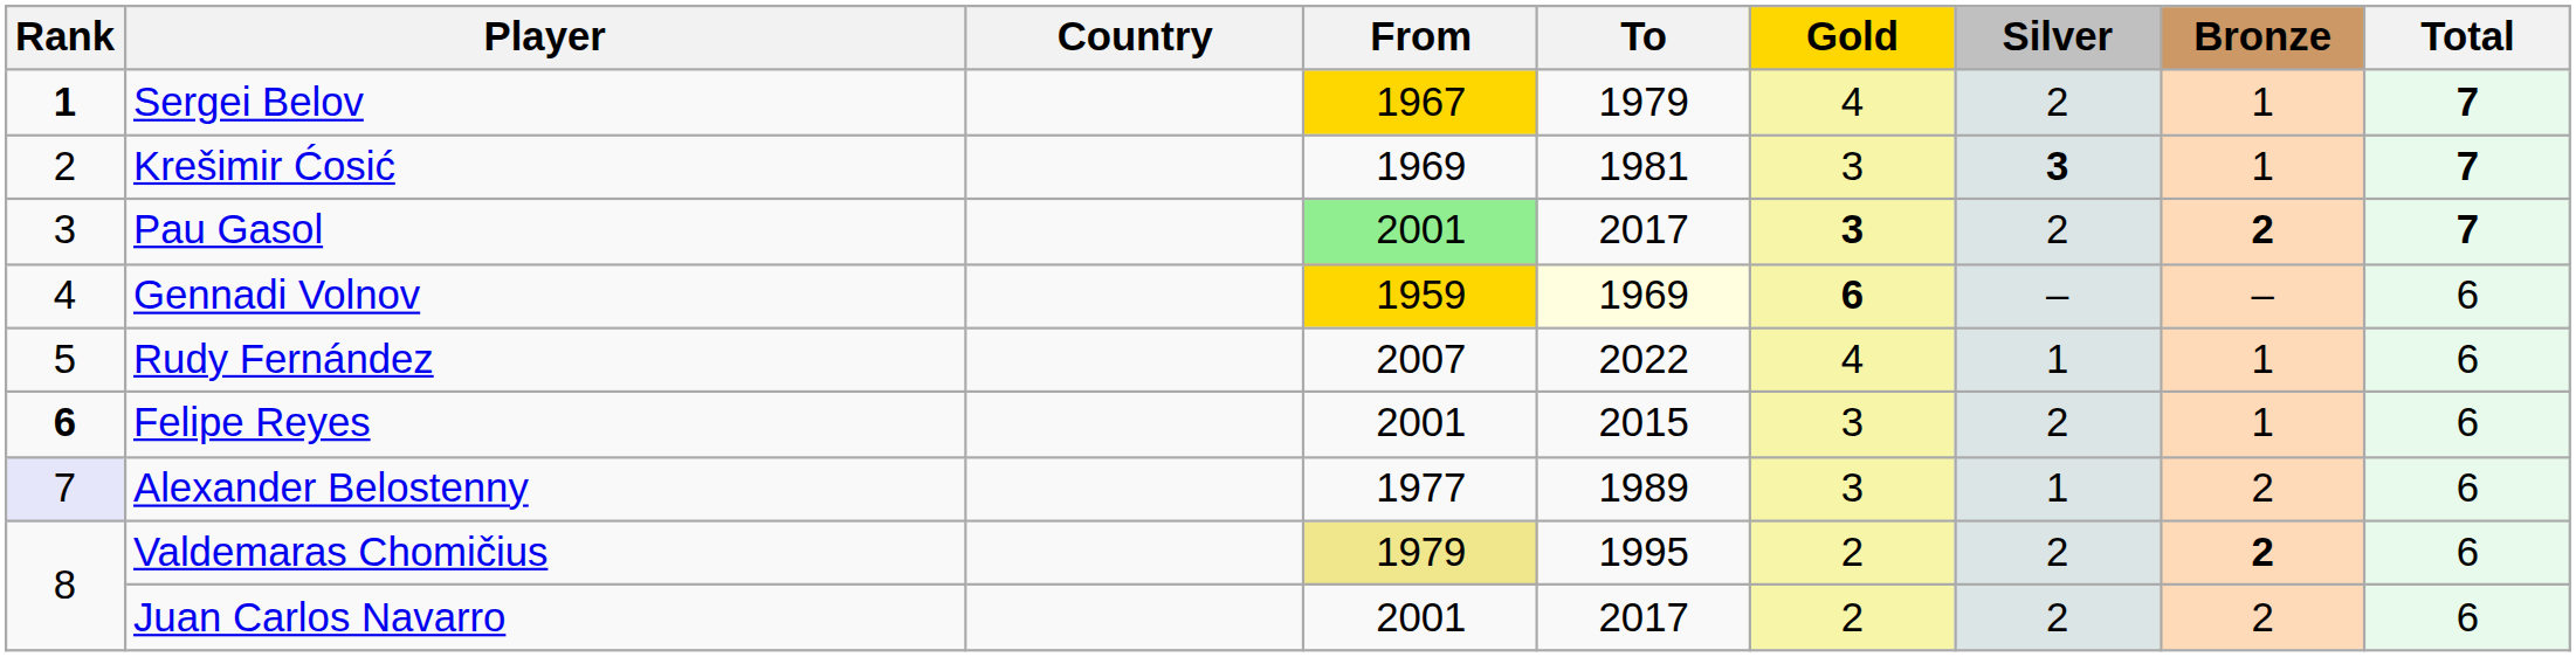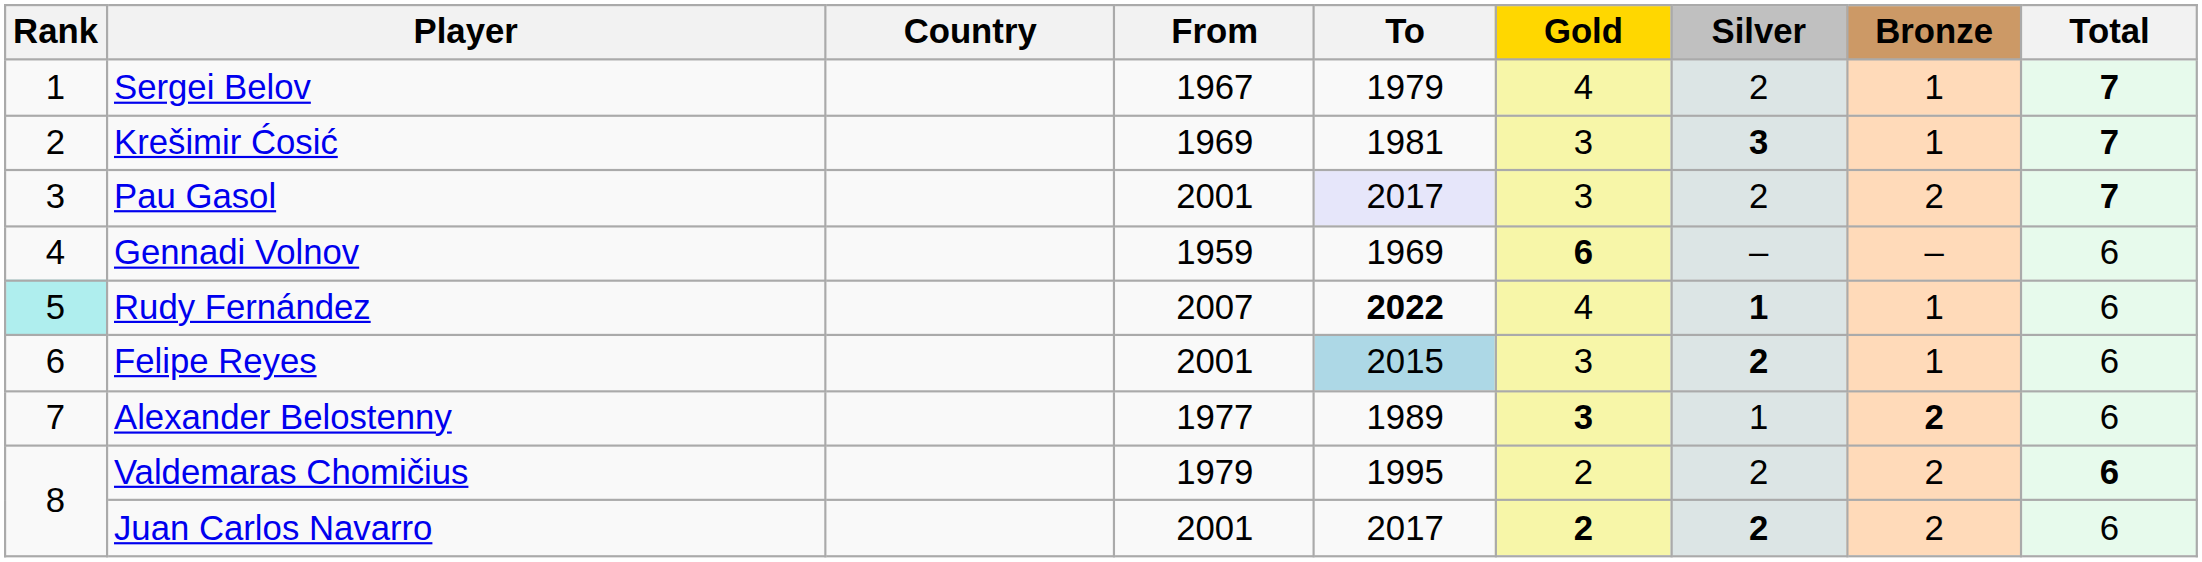 <table class="wikitable plainrowheaders" width=80% style="text-align:center;">
 <tr style="background-color:#EDEDED;">
 <th class="hintergrundfarbe5" style="width:1em">Rank</th>
 <th class="hintergrundfarbe5">Player</th>
 <th class="hintergrundfarbe5">Country</th>
 <th class="hintergrundfarbe5">From</th>
 <th class="hintergrundfarbe5">To</th>
 <th style="background:    gold; width:8%">Gold</th>
 <th style="background:  silver; width:8%">Silver</th>
 <th style="background: #CC9966; width:8%">Bronze</th>
 <th class="hintergrundfarbe5" style="width:8%">Total</th>
 </tr>
 <tr>
-<td><strong>1</strong></td>
+<td>1</td>
 <td align="left"><a href='#'>Sergei Belov</a></td>
 <td align="left"></td>
-<td style="background: gold;">1967</td>
+<td>1967</td>
 <td>1979</td>
 <td bgcolor="#F7F6A8">4</td>
 <td bgcolor="#DCE5E5">2</td>
 <td bgcolor="#FFDAB9">1</td>
 <td bgcolor="#E7FAEC"><strong>7</strong></td>
 </tr>
 <tr align="center">
 <td>2</td>
 <td align="left"><a href='#'>Krešimir Ćosić</a></td>
 <td align="left"></td>
 <td>1969</td>
 <td>1981</td>
 <td bgcolor="#F7F6A8">3</td>
 <td bgcolor="#DCE5E5"><strong>3</strong></td>
 <td bgcolor="#FFDAB9">1</td>
 <td bgcolor="#E7FAEC"><strong>7</strong></td>
 </tr>
 <tr align="center">
 <td>3</td>
 <td align="left"><a href='#'>Pau Gasol</a></td>
 <td align="left"></td>
-<td style="background: lightgreen;">2001</td>
-<td>2017</td>
-<td bgcolor="#F7F6A8"><strong>3</strong></td>
+<td>2001</td>
+<td style="background: lavender;">2017</td>
+<td bgcolor="#F7F6A8">3</td>
 <td bgcolor="#DCE5E5">2</td>
-<td bgcolor="#FFDAB9"><strong>2</strong></td>
+<td bgcolor="#FFDAB9">2</td>
 <td bgcolor="#E7FAEC"><strong>7</strong></td>
 </tr>
 <tr align="center">
 <td>4</td>
 <td align="left"><a href='#'>Gennadi Volnov</a></td>
 <td align="left"></td>
-<td style="background: gold;">1959</td>
-<td style="background: lightyellow;">1969</td>
+<td>1959</td>
+<td>1969</td>
 <td bgcolor="#F7F6A8"><strong>6</strong></td>
 <td bgcolor="#DCE5E5">–</td>
 <td bgcolor="#FFDAB9">–</td>
 <td bgcolor="#E7FAEC">6</td>
 </tr>
 <tr align="center">
-<td>5</td>
+<td style="background: paleturquoise;">5</td>
 <td align="left"><a href='#'>Rudy Fernández</a></td>
 <td align="left"></td>
 <td>2007</td>
-<td>2022</td>
+<td><strong>2022</strong></td>
 <td bgcolor="#F7F6A8">4</td>
-<td bgcolor="#DCE5E5">1</td>
+<td bgcolor="#DCE5E5"><strong>1</strong></td>
 <td bgcolor="#FFDAB9">1</td>
 <td bgcolor="#E7FAEC">6</td>
 </tr>
 <tr align="center">
-<td><strong>6</strong></td>
+<td>6</td>
 <td align="left"><a href='#'>Felipe Reyes</a></td>
 <td align="left"></td>
 <td>2001</td>
-<td>2015</td>
+<td style="background: lightblue;">2015</td>
 <td bgcolor="#F7F6A8">3</td>
-<td bgcolor="#DCE5E5">2</td>
+<td bgcolor="#DCE5E5"><strong>2</strong></td>
 <td bgcolor="#FFDAB9">1</td>
 <td bgcolor="#E7FAEC">6</td>
 </tr>
 <tr align="center">
-<td style="background: lavender;">7</td>
+<td>7</td>
 <td align="left"><a href='#'>Alexander Belostenny</a></td>
 <td align="left"></td>
 <td>1977</td>
 <td>1989</td>
-<td bgcolor="#F7F6A8">3</td>
+<td bgcolor="#F7F6A8"><strong>3</strong></td>
 <td bgcolor="#DCE5E5">1</td>
-<td bgcolor="#FFDAB9">2</td>
+<td bgcolor="#FFDAB9"><strong>2</strong></td>
 <td bgcolor="#E7FAEC">6</td>
 </tr>
 <tr align="center">
 <td rowspan="2">8</td>
 <td align="left"><a href='#'>Valdemaras Chomičius</a></td>
 <td align="left"><br></td>
-<td style="background: khaki;">1979</td>
+<td>1979</td>
 <td>1995</td>
 <td bgcolor="#F7F6A8">2</td>
 <td bgcolor="#DCE5E5">2</td>
-<td bgcolor="#FFDAB9"><strong>2</strong></td>
-<td bgcolor="#E7FAEC">6</td>
+<td bgcolor="#FFDAB9">2</td>
+<td bgcolor="#E7FAEC"><strong>6</strong></td>
 </tr>
 <tr align="center">
 <td align="left"><a href='#'>Juan Carlos Navarro</a></td>
 <td align="left"></td>
 <td>2001</td>
 <td>2017</td>
-<td bgcolor="#F7F6A8">2</td>
-<td bgcolor="#DCE5E5">2</td>
+<td bgcolor="#F7F6A8"><strong>2</strong></td>
+<td bgcolor="#DCE5E5"><strong>2</strong></td>
 <td bgcolor="#FFDAB9">2</td>
 <td bgcolor="#E7FAEC">6</td>
 </tr>
 </table>
